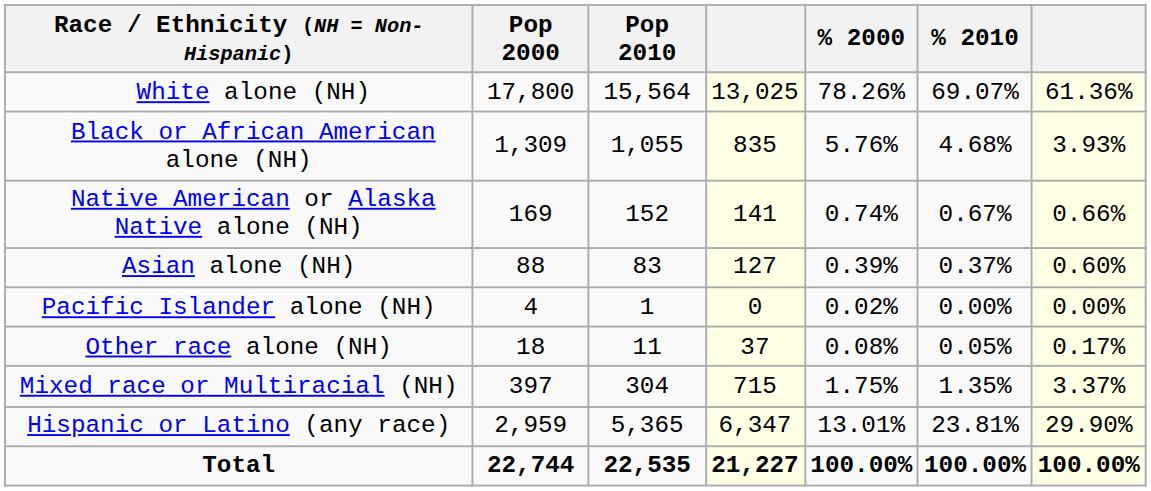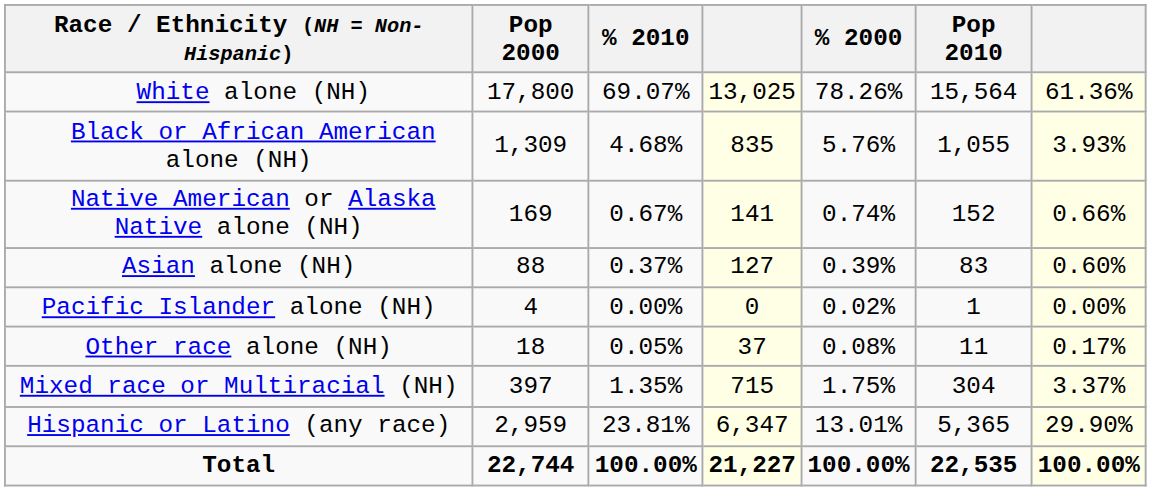 <table class="wikitable"style="text-align:center;">
 <tr>
 <th>Race / Ethnicity <small>(<em>NH = Non-Hispanic</em>)</small></th>
 <th>Pop 2000</th>
-<th>Pop 2010</th>
+<th>% 2010</th>
 <th></th>
 <th>% 2000</th>
-<th>% 2010</th>
+<th>Pop 2010</th>
 <th></th>
 </tr>
 <tr>
 <td>  <a href='#'>White</a> alone (NH)</td>
 <td>17,800</td>
-<td>15,564</td>
+<td>69.07%</td>
 <td style='background: #ffffe6;'>13,025</td>
 <td>78.26%</td>
-<td>69.07%</td>
+<td>15,564</td>
 <td style='background: #ffffe6;'>61.36%</td>
 </tr>
 <tr>
 <td>  <a href='#'>Black or African American</a> alone (NH)</td>
 <td>1,309</td>
-<td>1,055</td>
+<td>4.68%</td>
 <td style='background: #ffffe6;'>835</td>
 <td>5.76%</td>
-<td>4.68%</td>
+<td>1,055</td>
 <td style='background: #ffffe6;'>3.93%</td>
 </tr>
 <tr>
 <td>  <a href='#'>Native American</a> or <a href='#'>Alaska Native</a> alone (NH)</td>
 <td>169</td>
-<td>152</td>
+<td>0.67%</td>
 <td style='background: #ffffe6;'>141</td>
 <td>0.74%</td>
-<td>0.67%</td>
+<td>152</td>
 <td style='background: #ffffe6;'>0.66%</td>
 </tr>
 <tr>
 <td><a href='#'>Asian</a> alone (NH)</td>
 <td>88</td>
-<td>83</td>
+<td>0.37%</td>
 <td style='background: #ffffe6;'>127</td>
 <td>0.39%</td>
-<td>0.37%</td>
+<td>83</td>
 <td style='background: #ffffe6;'>0.60%</td>
 </tr>
 <tr>
 <td><a href='#'>Pacific Islander</a> alone (NH)</td>
 <td>4</td>
-<td>1</td>
+<td>0.00%</td>
 <td style='background: #ffffe6;'>0</td>
 <td>0.02%</td>
-<td>0.00%</td>
+<td>1</td>
 <td style='background: #ffffe6;'>0.00%</td>
 </tr>
 <tr>
 <td><a href='#'>Other race</a> alone (NH)</td>
 <td>18</td>
-<td>11</td>
+<td>0.05%</td>
 <td style='background: #ffffe6;'>37</td>
 <td>0.08%</td>
-<td>0.05%</td>
+<td>11</td>
 <td style='background: #ffffe6;'>0.17%</td>
 </tr>
 <tr>
 <td><a href='#'>Mixed race or Multiracial</a> (NH)</td>
 <td>397</td>
-<td>304</td>
+<td>1.35%</td>
 <td style='background: #ffffe6;'>715</td>
 <td>1.75%</td>
-<td>1.35%</td>
+<td>304</td>
 <td style='background: #ffffe6;'>3.37%</td>
 </tr>
 <tr>
 <td><a href='#'>Hispanic or Latino</a> (any race)</td>
 <td>2,959</td>
-<td>5,365</td>
+<td>23.81%</td>
 <td style='background: #ffffe6;'>6,347</td>
 <td>13.01%</td>
-<td>23.81%</td>
+<td>5,365</td>
 <td style='background: #ffffe6;'>29.90%</td>
 </tr>
 <tr>
 <td><strong>Total</strong></td>
 <td><strong>22,744</strong></td>
-<td><strong>22,535</strong></td>
+<td><strong>100.00%</strong></td>
 <td style='background: #ffffe6;'><strong>21,227</strong></td>
 <td><strong>100.00%</strong></td>
-<td><strong>100.00%</strong></td>
+<td><strong>22,535</strong></td>
 <td style='background: #ffffe6;'><strong>100.00%</strong></td>
 </tr>
 </table>
